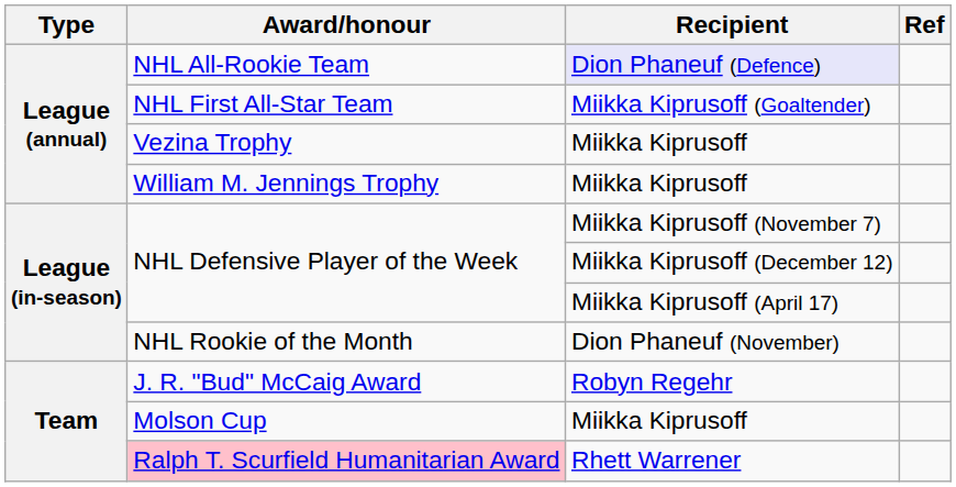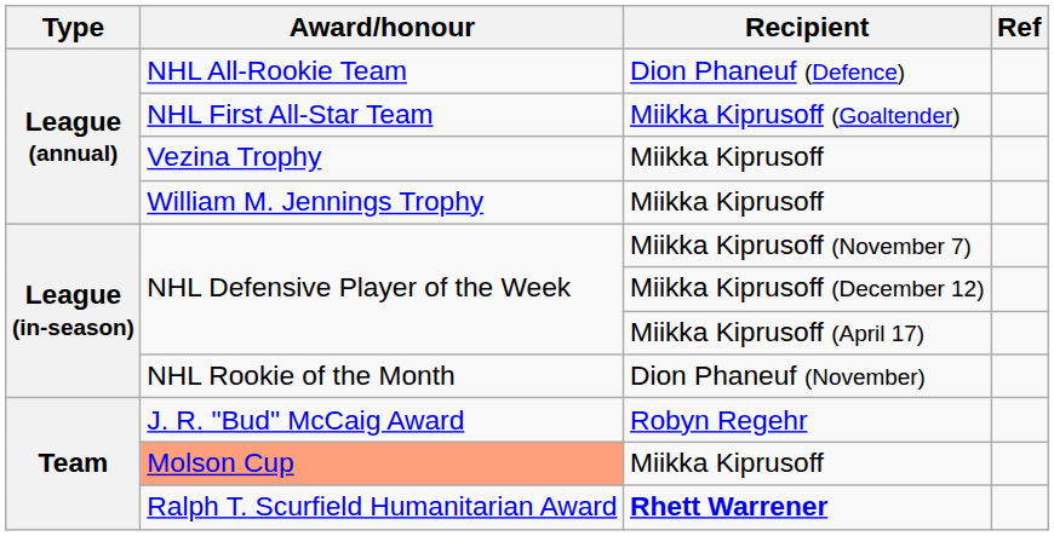 <table class="wikitable">
 <tr>
 <th scope="col">Type</th>
 <th scope="col">Award/honour</th>
 <th scope="col">Recipient</th>
 <th scope="col">Ref</th>
 </tr>
 <tr>
 <th scope="row" rowspan="4">League<br><small>(annual)</small></th>
 <td><a href='#'>NHL All-Rookie Team</a></td>
-<td style="background: lavender;"><a href='#'>Dion Phaneuf</a> <small>(<a href='#'>Defence</a>)</small></td>
+<td><a href='#'>Dion Phaneuf</a> <small>(<a href='#'>Defence</a>)</small></td>
 <td></td>
 </tr>
 <tr>
 <td><a href='#'>NHL First All-Star Team</a></td>
 <td><a href='#'>Miikka Kiprusoff</a> <small>(<a href='#'>Goaltender</a>)</small></td>
 <td></td>
 </tr>
 <tr>
 <td><a href='#'>Vezina Trophy</a></td>
 <td>Miikka Kiprusoff</td>
 <td></td>
 </tr>
 <tr>
 <td><a href='#'>William M. Jennings Trophy</a></td>
 <td>Miikka Kiprusoff</td>
 <td></td>
 </tr>
 <tr>
 <th scope="row" rowspan="4">League<br><small>(in-season)</small></th>
 <td rowspan="3">NHL Defensive Player of the Week</td>
 <td>Miikka Kiprusoff <small>(November 7)</small></td>
 <td></td>
 </tr>
 <tr>
 <td>Miikka Kiprusoff <small>(December 12)</small></td>
 <td></td>
 </tr>
 <tr>
 <td>Miikka Kiprusoff <small>(April 17)</small></td>
 <td></td>
 </tr>
 <tr>
 <td>NHL Rookie of the Month</td>
 <td>Dion Phaneuf <small>(November)</small></td>
 <td></td>
 </tr>
 <tr>
 <th scope="row" rowspan="3">Team</th>
 <td><a href='#'>J. R. "Bud" McCaig Award</a></td>
 <td><a href='#'>Robyn Regehr</a></td>
 <td></td>
 </tr>
 <tr>
-<td><a href='#'>Molson Cup</a></td>
+<td style="background: lightsalmon;"><a href='#'>Molson Cup</a></td>
 <td>Miikka Kiprusoff</td>
 <td></td>
 </tr>
 <tr>
-<td style="background: pink;"><a href='#'>Ralph T. Scurfield Humanitarian Award</a></td>
-<td><a href='#'>Rhett Warrener</a></td>
+<td><a href='#'>Ralph T. Scurfield Humanitarian Award</a></td>
+<td><strong><a href='#'>Rhett Warrener</a></strong></td>
 <td></td>
 </tr>
 </table>
